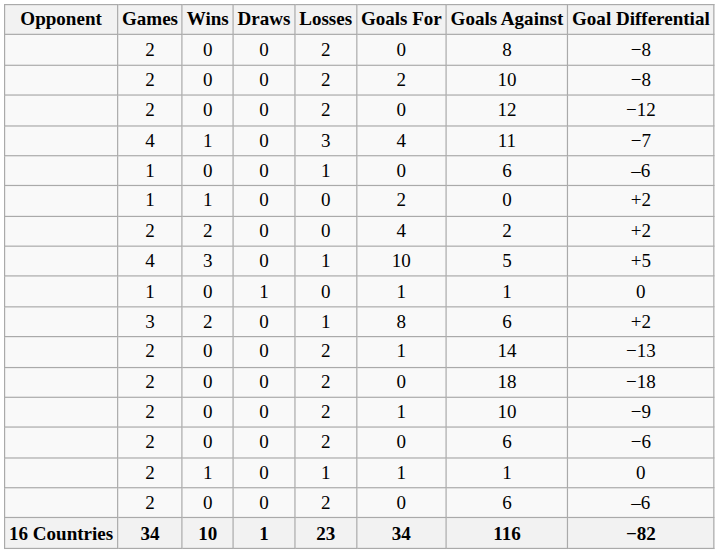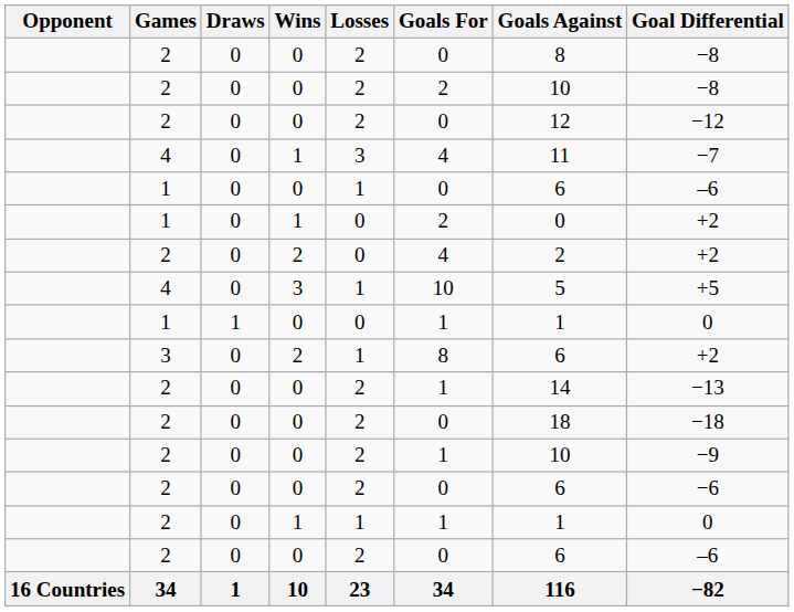 <table class="wikitable sortable" style="text-align:center">
 <tr>
 <th>Opponent</th>
 <th>Games</th>
+<th>Draws</th>
 <th>Wins</th>
-<th>Draws</th>
 <th>Losses</th>
 <th>Goals For</th>
 <th>Goals Against</th>
 <th>Goal Differential</th>
 </tr>
 <tr>
 <td style="text-align:left;"></td>
 <td>2</td>
 <td>0</td>
 <td>0</td>
 <td>2</td>
 <td>0</td>
 <td>8</td>
 <td>−8</td>
 </tr>
 <tr>
 <td style="text-align:left;"></td>
 <td>2</td>
 <td>0</td>
 <td>0</td>
 <td>2</td>
 <td>2</td>
 <td>10</td>
 <td>−8</td>
 </tr>
 <tr>
 <td style="text-align:left;"></td>
 <td>2</td>
 <td>0</td>
 <td>0</td>
 <td>2</td>
 <td>0</td>
 <td>12</td>
 <td>−12</td>
 </tr>
 <tr>
 <td style="text-align:left;"></td>
 <td>4</td>
+<td>0</td>
 <td>1</td>
-<td>0</td>
 <td>3</td>
 <td>4</td>
 <td>11</td>
 <td>−7</td>
 </tr>
 <tr>
 <td style="text-align:left;"></td>
 <td>1</td>
 <td>0</td>
 <td>0</td>
 <td>1</td>
 <td>0</td>
 <td>6</td>
 <td>–6</td>
 </tr>
 <tr>
 <td style="text-align:left;"></td>
 <td>1</td>
+<td>0</td>
 <td>1</td>
-<td>0</td>
 <td>0</td>
 <td>2</td>
 <td>0</td>
 <td>+2</td>
 </tr>
 <tr>
 <td style="text-align:left;"></td>
 <td>2</td>
+<td>0</td>
 <td>2</td>
-<td>0</td>
 <td>0</td>
 <td>4</td>
 <td>2</td>
 <td>+2</td>
 </tr>
 <tr>
 <td style="text-align:left;"></td>
 <td>4</td>
+<td>0</td>
 <td>3</td>
-<td>0</td>
 <td>1</td>
 <td>10</td>
 <td>5</td>
 <td>+5</td>
 </tr>
 <tr>
 <td style="text-align:left;"></td>
 <td>1</td>
+<td>1</td>
 <td>0</td>
-<td>1</td>
 <td>0</td>
 <td>1</td>
 <td>1</td>
 <td>0</td>
 </tr>
 <tr>
 <td style="text-align:left;"></td>
 <td>3</td>
+<td>0</td>
 <td>2</td>
-<td>0</td>
 <td>1</td>
 <td>8</td>
 <td>6</td>
 <td>+2</td>
 </tr>
 <tr>
 <td style="text-align:left;"></td>
 <td>2</td>
 <td>0</td>
 <td>0</td>
 <td>2</td>
 <td>1</td>
 <td>14</td>
 <td>−13</td>
 </tr>
 <tr>
 <td style="text-align:left;"></td>
 <td>2</td>
 <td>0</td>
 <td>0</td>
 <td>2</td>
 <td>0</td>
 <td>18</td>
 <td>−18</td>
 </tr>
 <tr>
 <td style="text-align:left;"></td>
 <td>2</td>
 <td>0</td>
 <td>0</td>
 <td>2</td>
 <td>1</td>
 <td>10</td>
 <td>−9</td>
 </tr>
 <tr>
 <td style="text-align:left;"></td>
 <td>2</td>
 <td>0</td>
 <td>0</td>
 <td>2</td>
 <td>0</td>
 <td>6</td>
 <td>−6</td>
 </tr>
 <tr>
 <td style="text-align:left;"></td>
 <td>2</td>
+<td>0</td>
 <td>1</td>
-<td>0</td>
 <td>1</td>
 <td>1</td>
 <td>1</td>
 <td>0</td>
 </tr>
 <tr>
 <td style="text-align:left;"></td>
 <td>2</td>
 <td>0</td>
 <td>0</td>
 <td>2</td>
 <td>0</td>
 <td>6</td>
 <td>–6</td>
 </tr>
 <tr class="sortbottom">
 <th>16 Countries</th>
 <th>34</th>
+<th>1</th>
 <th>10</th>
-<th>1</th>
 <th>23</th>
 <th>34</th>
 <th>116</th>
 <th>−82</th>
 </tr>
 </table>
